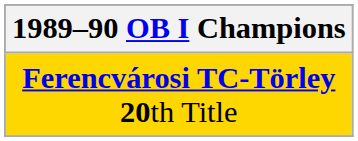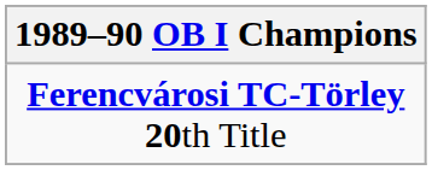 <table class=wikitable style="text-align:center; margin:auto">
 <tr>
 <th>1989–90 <a href='#'>OB I</a> Champions</th>
 </tr>
 <tr>
-<td style="background: gold;"><strong><a href='#'>Ferencvárosi TC-Törley</a></strong><br><strong>20</strong>th Title</td>
+<td><strong><a href='#'>Ferencvárosi TC-Törley</a></strong><br><strong>20</strong>th Title</td>
 </tr>
 </table>
